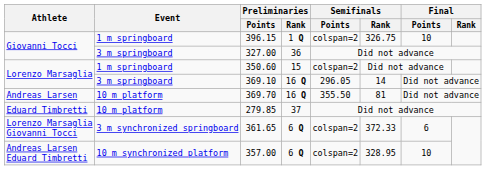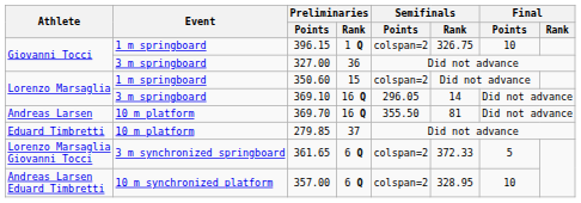 <table class="wikitable" style="font-size:90%">
 <tr>
 <th rowspan="2">Athlete</th>
 <th rowspan="2">Event</th>
 <th colspan="2">Preliminaries</th>
 <th colspan="2">Semifinals</th>
 <th colspan="2">Final</th>
 </tr>
 <tr style="font-size:95%">
 <th>Points</th>
 <th>Rank</th>
 <th>Points</th>
 <th>Rank</th>
 <th>Points</th>
 <th>Rank</th>
 </tr>
 <tr align="center">
 <td rowspan="2" align="left"><a href='#'>Giovanni Tocci</a></td>
 <td align="left"><a href='#'>1 m springboard</a></td>
 <td>396.15</td>
 <td>1 <strong>Q</strong></td>
 <td>colspan=2 </td>
 <td>326.75</td>
 <td>10</td>
 </tr>
 <tr align="center">
 <td align="left"><a href='#'>3 m springboard</a></td>
 <td>327.00</td>
 <td>36</td>
 <td colspan="4">Did not advance</td>
 </tr>
 <tr align="center">
 <td rowspan="2" align="left"><a href='#'>Lorenzo Marsaglia</a></td>
 <td align="left"><a href='#'>1 m springboard</a></td>
 <td>350.60</td>
 <td>15</td>
 <td>colspan=2 </td>
 <td colspan=2>Did not advance</td>
 </tr>
 <tr align="center">
 <td align="left"><a href='#'>3 m springboard</a></td>
 <td>369.10</td>
 <td>16 <strong>Q</strong></td>
 <td>296.05</td>
 <td>14</td>
 <td colspan=2>Did not advance</td>
 </tr>
 <tr align="center">
 <td align="left"><a href='#'>Andreas Larsen</a></td>
 <td align="left"><a href='#'>10 m platform</a></td>
 <td>369.70</td>
 <td>16 <strong>Q</strong></td>
 <td>355.50</td>
 <td>81</td>
 <td colspan=2>Did not advance</td>
 </tr>
 <tr align="center">
 <td align="left"><a href='#'>Eduard Timbretti</a></td>
 <td align="left"><a href='#'>10 m platform</a></td>
 <td>279.85</td>
 <td>37</td>
 <td colspan=4>Did not advance</td>
 </tr>
 <tr align="center">
 <td align="left"><a href='#'>Lorenzo Marsaglia</a><br><a href='#'>Giovanni Tocci</a></td>
 <td align="left"><a href='#'>3 m synchronized springboard</a></td>
 <td>361.65</td>
 <td>6 <strong>Q</strong></td>
 <td>colspan=2 </td>
 <td>372.33</td>
-<td>6</td>
+<td>5</td>
 </tr>
 <tr align="center">
 <td align="left"><a href='#'>Andreas Larsen</a><br><a href='#'>Eduard Timbretti</a></td>
 <td align="left"><a href='#'>10 m synchronized platform</a></td>
 <td>357.00</td>
 <td>6 <strong>Q</strong></td>
 <td>colspan=2 </td>
 <td>328.95</td>
 <td>10</td>
 </tr>
 </table>
